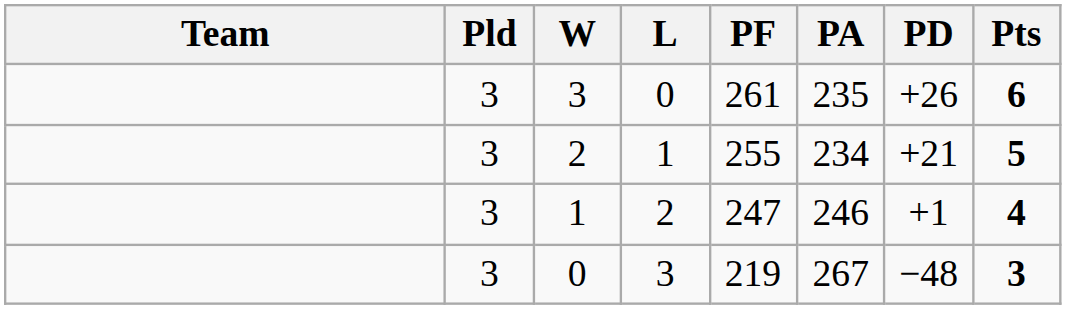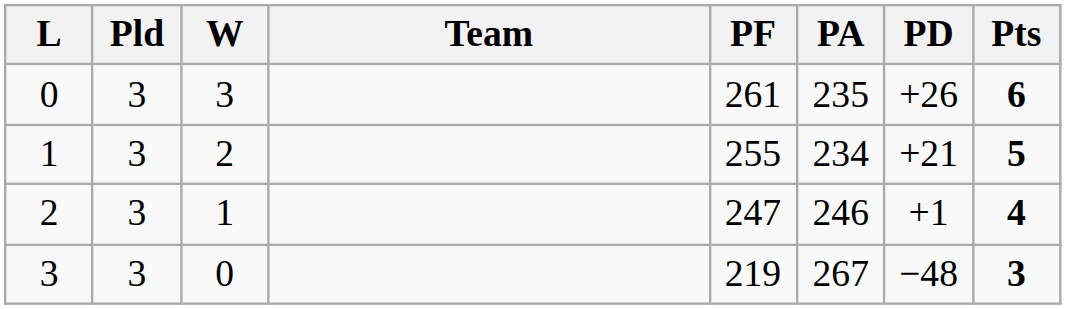 <table class=wikitable style="text-align:center">
 <tr>
-<th width=180>Team</th>
+<th width=30>L</th>
 <th width=30>Pld</th>
 <th width=30>W</th>
-<th width=30>L</th>
+<th width=180>Team</th>
 <th width=30>PF</th>
 <th width=30>PA</th>
 <th width=30>PD</th>
 <th width=30>Pts</th>
 </tr>
 <tr>
-<td align="left"></td>
+<td>0</td>
 <td>3</td>
 <td>3</td>
-<td>0</td>
+<td align="left"></td>
 <td>261</td>
 <td>235</td>
 <td>+26</td>
 <td><strong>6</strong></td>
 </tr>
 <tr>
-<td align="left"></td>
+<td>1</td>
 <td>3</td>
 <td>2</td>
-<td>1</td>
+<td align="left"></td>
 <td>255</td>
 <td>234</td>
 <td>+21</td>
 <td><strong>5</strong></td>
 </tr>
 <tr>
-<td align="left"></td>
+<td>2</td>
 <td>3</td>
 <td>1</td>
-<td>2</td>
+<td align="left"></td>
 <td>247</td>
 <td>246</td>
 <td>+1</td>
 <td><strong>4</strong></td>
 </tr>
 <tr>
-<td align="left"></td>
+<td>3</td>
 <td>3</td>
 <td>0</td>
-<td>3</td>
+<td align="left"></td>
 <td>219</td>
 <td>267</td>
 <td>−48</td>
 <td><strong>3</strong></td>
 </tr>
 </table>
